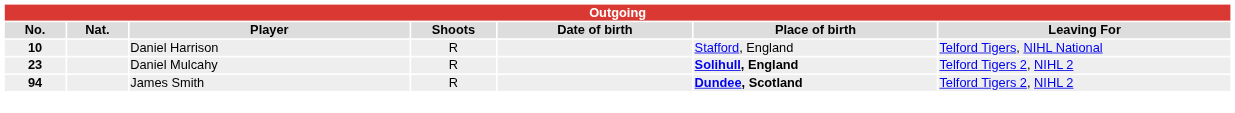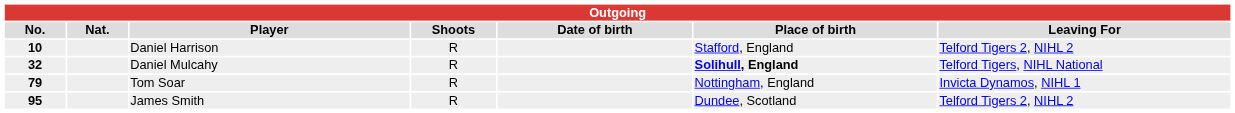 <table class="toccolours" style="width:97%; clear:both; margin:1.5em auto; text-align:center;">
 <tr>
 <th colspan="7" style="background:#da3832; color:#ffffff;”">Outgoing</th>
 </tr>
 <tr style="background:#ddd;">
 <th width="5%">No.</th>
 <th width="5%">Nat.</th>
 <th>Player</th>
 <th width="7%">Shoots</th>
 <th width="16%">Date of birth</th>
 <th width="20%">Place of birth</th>
 <th width="24%">Leaving For</th>
 </tr>
 <tr style="background:#eee;">
 <td><strong>10</strong></td>
 <td></td>
 <td align=left>Daniel Harrison</td>
 <td>R</td>
 <td align=left></td>
 <td align=left><a href='#'>Stafford</a>, England</td>
-<td align=left><a href='#'>Telford Tigers</a>, <a href='#'>NIHL National</a></td>
+<td align=left><a href='#'>Telford Tigers 2</a>, <a href='#'>NIHL 2</a></td>
 </tr>
 <tr style="background:#eee;">
-<td><strong>23</strong></td>
+<td><strong>32</strong></td>
 <td></td>
 <td align=left>Daniel Mulcahy</td>
 <td>R</td>
 <td align=left></td>
 <td align=left><strong><a href='#'>Solihull</a>, England</strong></td>
-<td align=left><a href='#'>Telford Tigers 2</a>, <a href='#'>NIHL 2</a></td>
+<td align=left><a href='#'>Telford Tigers</a>, <a href='#'>NIHL National</a></td>
 </tr>
 <tr style="background:#eee;">
-<td><strong>94</strong></td>
+<td><strong>79</strong></td>
+<td></td>
+<td align=left>Tom Soar</td>
+<td>R</td>
+<td align=left></td>
+<td align=left><a href='#'>Nottingham</a>, England</td>
+<td align=left><a href='#'>Invicta Dynamos</a>, <a href='#'>NIHL 1</a></td>
+</tr>
+<tr style="background:#eee;">
+<td><strong>95</strong></td>
 <td></td>
 <td align=left>James Smith</td>
 <td>R</td>
 <td align=left></td>
-<td align=left><strong><a href='#'>Dundee</a>, Scotland</strong></td>
+<td align=left><a href='#'>Dundee</a>, Scotland</td>
 <td align=left><a href='#'>Telford Tigers 2</a>, <a href='#'>NIHL 2</a></td>
 </tr>
 </table>
